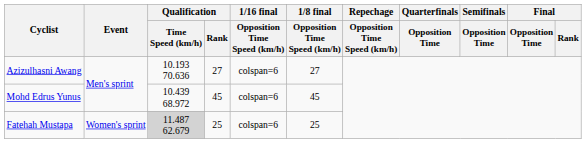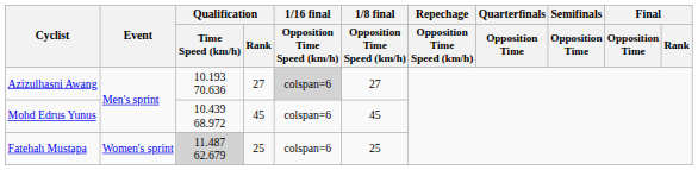 <table class="wikitable" style="font-size:90%">
 <tr>
 <th rowspan=2>Cyclist</th>
 <th rowspan=2>Event</th>
 <th colspan=2>Qualification</th>
 <th>1/16 final</th>
 <th>1/8 final</th>
 <th>Repechage</th>
 <th>Quarterfinals</th>
 <th>Semifinals</th>
 <th colspan=2>Final</th>
 </tr>
 <tr style="font-size:95%">
 <th>Time<br>Speed (km/h)</th>
 <th>Rank</th>
 <th>Opposition<br>Time<br>Speed (km/h)</th>
 <th>Opposition<br>Time<br>Speed (km/h)</th>
 <th>Opposition<br>Time<br>Speed (km/h)</th>
 <th>Opposition<br>Time</th>
 <th>Opposition<br>Time</th>
 <th>Opposition<br>Time</th>
 <th>Rank</th>
 </tr>
 <tr align=center>
 <td align=left><a href='#'>Azizulhasni Awang</a></td>
 <td align=left rowspan=2><a href='#'>Men's sprint</a></td>
 <td>10.193<br>70.636</td>
 <td>27</td>
-<td>colspan=6 </td>
+<td style="background: lightgrey;">colspan=6 </td>
 <td>27</td>
 </tr>
 <tr align=center>
 <td align=left><a href='#'>Mohd Edrus Yunus</a></td>
 <td>10.439<br>68.972</td>
 <td>45</td>
 <td>colspan=6 </td>
 <td>45</td>
 </tr>
 <tr align=center>
 <td align=left><a href='#'>Fatehah Mustapa</a></td>
 <td align=left><a href='#'>Women's sprint</a></td>
 <td style="background: lightgrey;">11.487<br>62.679</td>
 <td>25</td>
 <td>colspan=6 </td>
 <td>25</td>
 </tr>
 </table>
